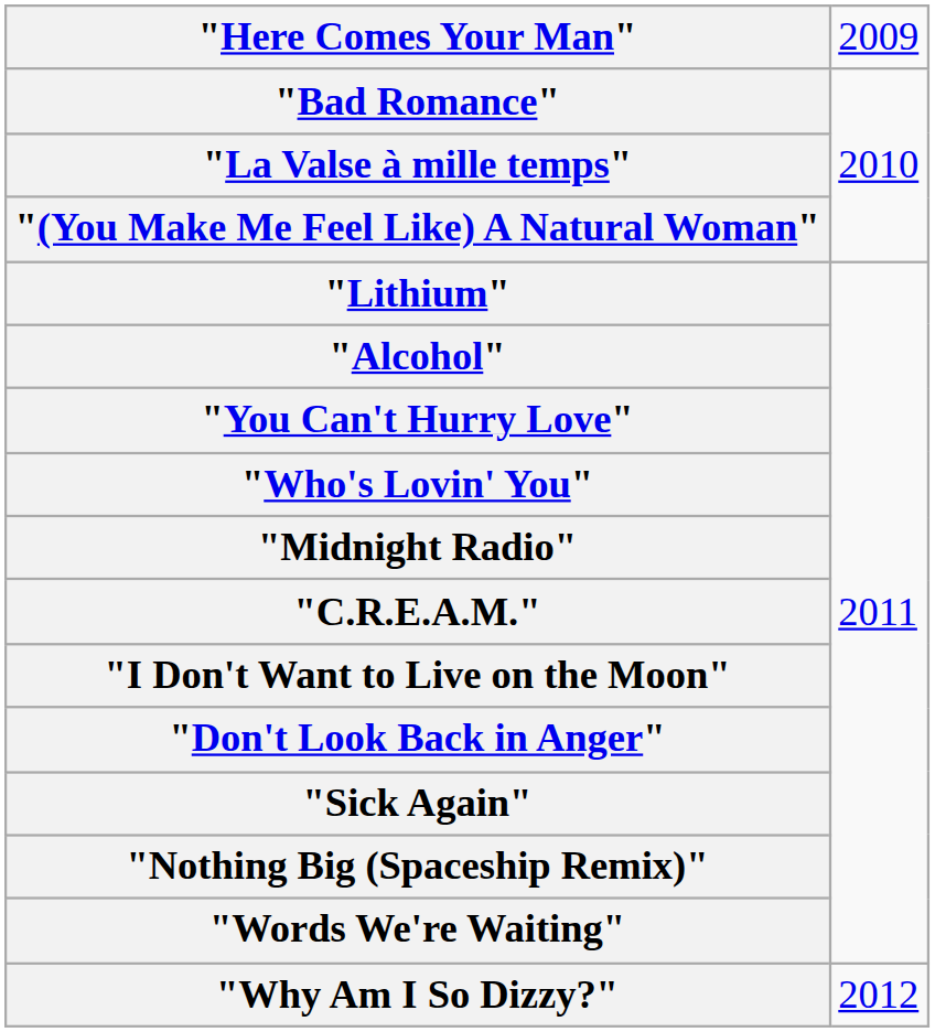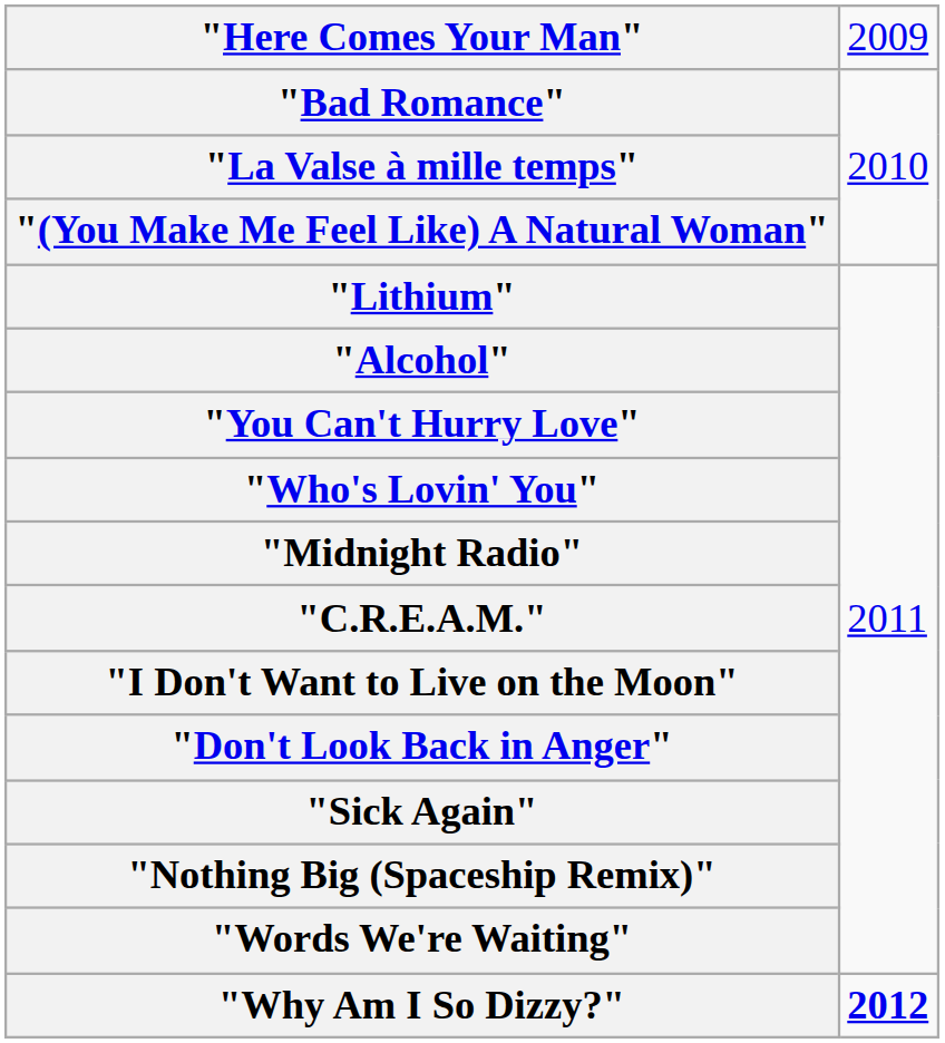 <table class="wikitable plainrowheaders" border="1">
 <tr>
 <th scope="row">"<a href='#'>Here Comes Your Man</a>"</th>
 <td><a href='#'>2009</a></td>
 </tr>
 <tr>
 <th scope="row">"<a href='#'>Bad Romance</a>"</th>
 <td rowspan=3><a href='#'>2010</a></td>
 </tr>
 <tr>
 <th scope="row">"<a href='#'>La Valse à mille temps</a>"</th>
 </tr>
 <tr>
 <th scope="row">"<a href='#'>(You Make Me Feel Like) A Natural Woman</a>"</th>
 </tr>
 <tr>
 <th scope="row">"<a href='#'>Lithium</a>"</th>
 <td rowspan=11><a href='#'>2011</a></td>
 </tr>
 <tr>
 <th scope="row">"<a href='#'>Alcohol</a>"</th>
 </tr>
 <tr>
 <th scope="row">"<a href='#'>You Can't Hurry Love</a>"</th>
 </tr>
 <tr>
 <th scope="row">"<a href='#'>Who's Lovin' You</a>"</th>
 </tr>
 <tr>
 <th scope="row">"Midnight Radio"</th>
 </tr>
 <tr>
 <th scope="row">"C.R.E.A.M."</th>
 </tr>
 <tr>
 <th scope="row">"I Don't Want to Live on the Moon"</th>
 </tr>
 <tr>
 <th scope="row">"<a href='#'>Don't Look Back in Anger</a>"</th>
 </tr>
 <tr>
 <th scope="row">"Sick Again"</th>
 </tr>
 <tr>
 <th scope="row">"Nothing Big (Spaceship Remix)"</th>
 </tr>
 <tr>
 <th scope="row">"Words We're Waiting"</th>
 </tr>
 <tr>
 <th scope="row">"Why Am I So Dizzy?"</th>
-<td><a href='#'>2012</a></td>
+<td><strong><a href='#'>2012</a></strong></td>
 </tr>
 </table>
